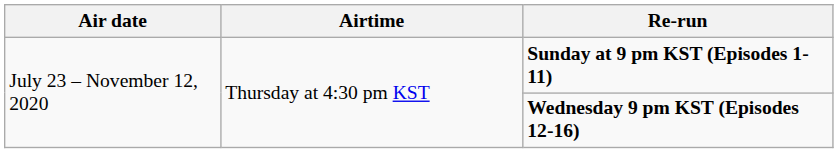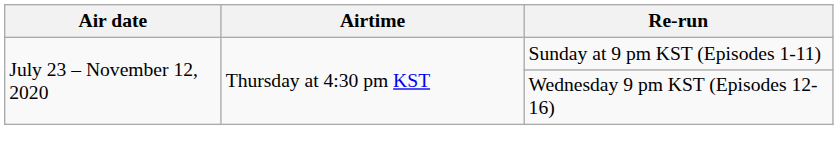 <table class="wikitable" style = "font-size: 90%;">
 <tr>
 <th width=200>Air date</th>
 <th width=300>Airtime</th>
 <th width=300>Re-run</th>
 </tr>
 <tr>
 <td rowspan="2">July 23 – November 12, 2020</td>
 <td rowspan="2">Thursday at 4:30 pm <a href='#'>KST</a></td>
-<td><strong>Sunday at 9 pm KST (Episodes 1-11)</strong></td>
+<td>Sunday at 9 pm KST (Episodes 1-11)</td>
 </tr>
 <tr>
-<td><strong>Wednesday 9 pm KST (Episodes 12-16)</strong></td>
+<td>Wednesday 9 pm KST (Episodes 12-16)</td>
 </tr>
 </table>
